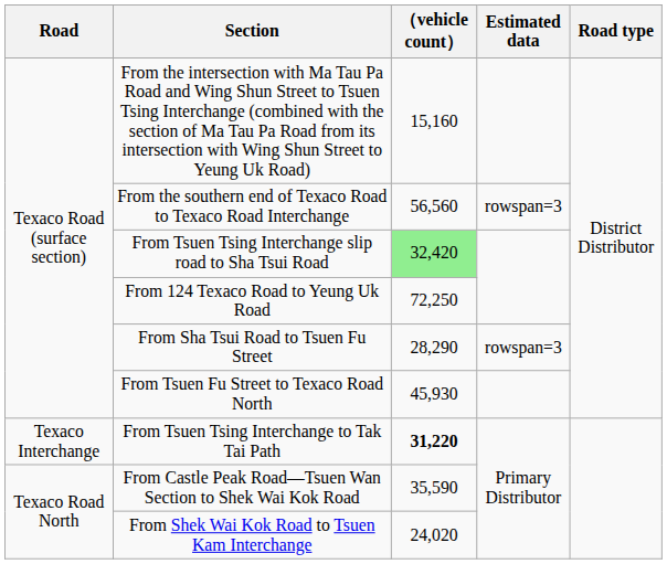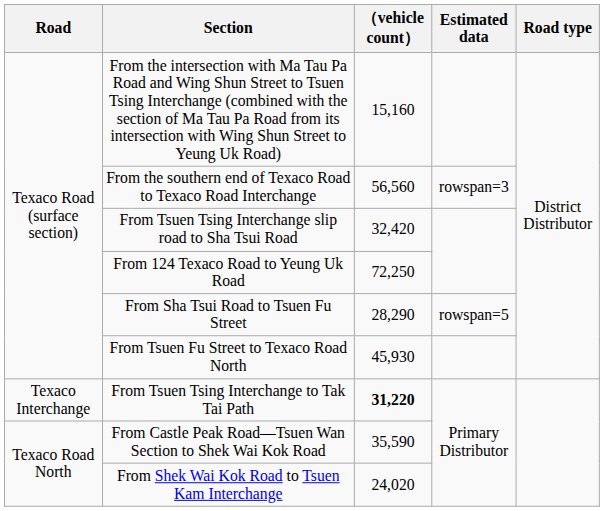 <table class="wikitable" style="text-align:center">
 <tr>
 <th>Road</th>
 <th>Section</th>
 <th>（vehicle count）</th>
 <th>Estimated data</th>
 <th>Road type</th>
 </tr>
 <tr>
 <td rowspan="6">Texaco Road (surface section)</td>
 <td>From the intersection with Ma Tau Pa Road and Wing Shun Street to Tsuen Tsing Interchange (combined with the section of Ma Tau Pa Road from its intersection with Wing Shun Street to Yeung Uk Road)</td>
 <td>15,160</td>
 <td></td>
 <td rowspan="6">District Distributor</td>
 </tr>
 <tr>
 <td>From the southern end of Texaco Road to Texaco Road Interchange</td>
 <td>56,560</td>
 <td>rowspan=3</td>
 </tr>
 <tr>
 <td>From Tsuen Tsing Interchange slip road to Sha Tsui Road</td>
-<td style="background: lightgreen;">32,420</td>
+<td>32,420</td>
 </tr>
 <tr>
 <td>From 124 Texaco Road to Yeung Uk Road</td>
 <td>72,250</td>
 </tr>
 <tr>
 <td>From Sha Tsui Road to Tsuen Fu Street</td>
 <td>28,290</td>
-<td>rowspan=3</td>
+<td>rowspan=5</td>
 </tr>
 <tr>
 <td>From Tsuen Fu Street to Texaco Road North</td>
 <td>45,930</td>
 </tr>
 <tr>
 <td>Texaco Interchange</td>
 <td>From Tsuen Tsing Interchange to Tak Tai Path</td>
 <td><strong>31,220</strong></td>
 <td rowspan="3">Primary Distributor</td>
 </tr>
 <tr>
 <td rowspan="2">Texaco Road North</td>
 <td>From Castle Peak Road—Tsuen Wan Section to Shek Wai Kok Road</td>
 <td>35,590</td>
 </tr>
 <tr>
 <td>From <a href='#'>Shek Wai Kok Road</a> to <a href='#'>Tsuen Kam Interchange</a></td>
 <td>24,020</td>
 </tr>
 </table>
